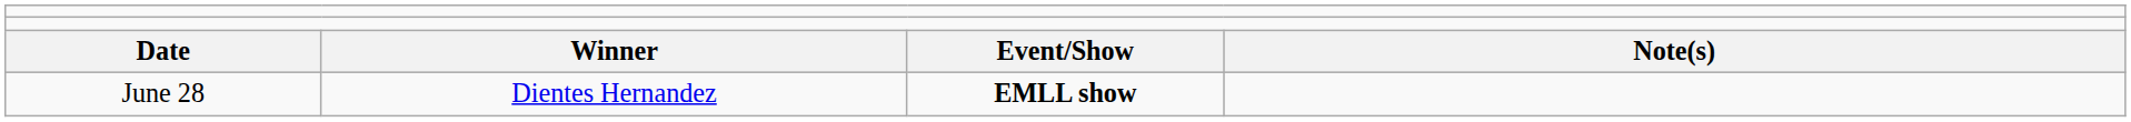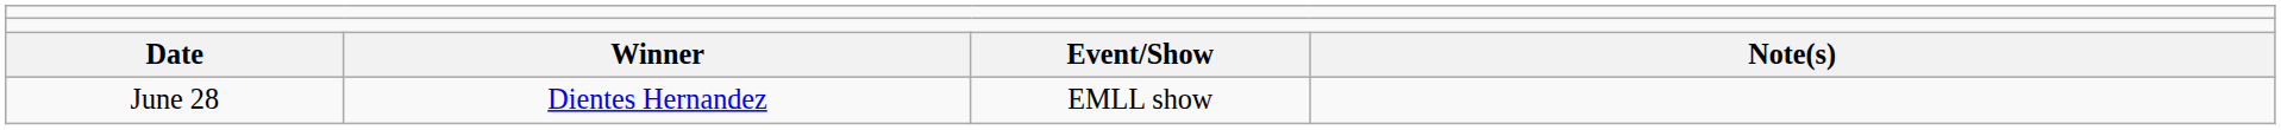 <table class="wikitable" style="text-align:center; width:100%;">
 <tr>
 <td colspan=5></td>
 </tr>
 <tr>
 <td colspan=5><strong></strong></td>
 </tr>
 <tr>
 <th width=14%>Date</th>
 <th width=26%>Winner</th>
 <th width=14%>Event/Show</th>
 <th width=40%>Note(s)</th>
 </tr>
 <tr>
 <td>June 28</td>
 <td><a href='#'>Dientes Hernandez</a></td>
-<td><strong>EMLL show</strong></td>
+<td>EMLL show</td>
 <td align=left></td>
 </tr>
 </table>
